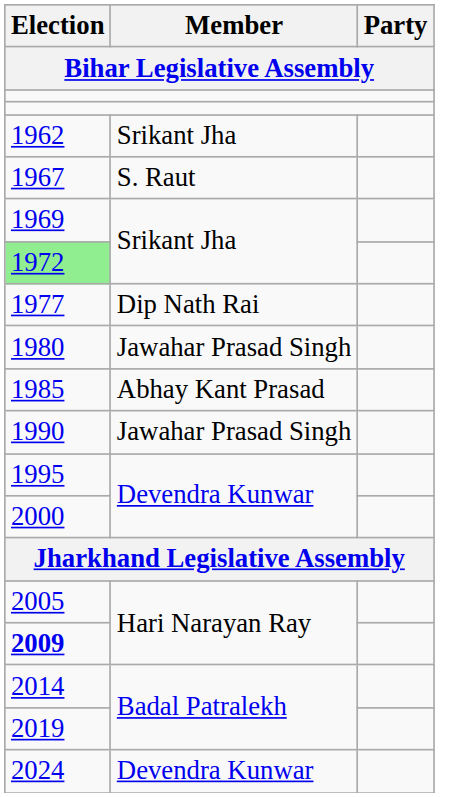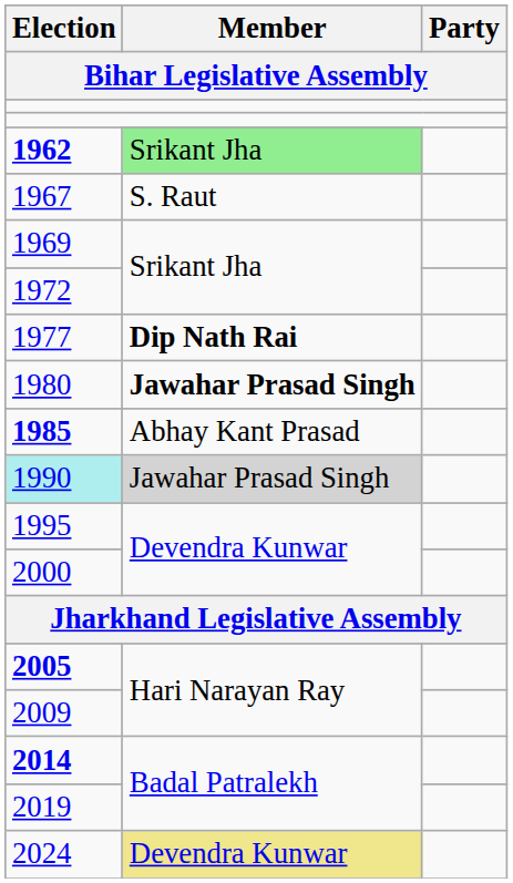 <table class="wikitable sortable">
 <tr>
 <th>Election</th>
 <th>Member</th>
 <th colspan=2>Party</th>
 </tr>
 <tr>
 <th colspan=4><a href='#'>Bihar Legislative Assembly</a></th>
 </tr>
 <tr>
 <td colspan="4"></td>
 </tr>
 <tr>
 <td colspan="4"></td>
 </tr>
 <tr>
-<td><a href='#'>1962</a></td>
-<td>Srikant Jha</td>
+<td><strong><a href='#'>1962</a></strong></td>
+<td style="background: lightgreen;">Srikant Jha</td>
 <td></td>
 </tr>
 <tr>
 <td><a href='#'>1967</a></td>
 <td>S. Raut</td>
 <td></td>
 </tr>
 <tr>
 <td><a href='#'>1969</a></td>
 <td rowspan=2>Srikant Jha</td>
 <td></td>
 </tr>
 <tr>
-<td style="background: lightgreen;"><a href='#'>1972</a></td>
+<td><a href='#'>1972</a></td>
 </tr>
 <tr>
 <td><a href='#'>1977</a></td>
-<td>Dip Nath Rai</td>
+<td><strong>Dip Nath Rai</strong></td>
 <td></td>
 </tr>
 <tr>
 <td><a href='#'>1980</a></td>
-<td>Jawahar Prasad Singh</td>
+<td><strong>Jawahar Prasad Singh</strong></td>
 </tr>
 <tr>
-<td><a href='#'>1985</a></td>
+<td><strong><a href='#'>1985</a></strong></td>
 <td>Abhay Kant Prasad</td>
 <td></td>
 </tr>
 <tr>
-<td><a href='#'>1990</a></td>
-<td>Jawahar Prasad Singh</td>
+<td style="background: paleturquoise;"><a href='#'>1990</a></td>
+<td style="background: lightgrey;">Jawahar Prasad Singh</td>
 <td></td>
 </tr>
 <tr>
 <td><a href='#'>1995</a></td>
 <td rowspan=2><a href='#'>Devendra Kunwar</a></td>
 <td></td>
 </tr>
 <tr>
 <td><a href='#'>2000</a></td>
 <td></td>
 </tr>
 <tr>
 <th colspan=4><a href='#'>Jharkhand Legislative Assembly</a></th>
 </tr>
 <tr>
-<td><a href='#'>2005</a></td>
+<td><strong><a href='#'>2005</a></strong></td>
 <td rowspan=2>Hari Narayan Ray</td>
 <td></td>
 </tr>
 <tr>
-<td><strong><a href='#'>2009</a></strong></td>
+<td><a href='#'>2009</a></td>
 </tr>
 <tr>
-<td><a href='#'>2014</a></td>
+<td><strong><a href='#'>2014</a></strong></td>
 <td rowspan=2><a href='#'>Badal Patralekh</a></td>
 <td></td>
 </tr>
 <tr>
 <td><a href='#'>2019</a></td>
 </tr>
 <tr>
 <td><a href='#'>2024</a></td>
-<td><a href='#'>Devendra Kunwar</a></td>
+<td style="background: khaki;"><a href='#'>Devendra Kunwar</a></td>
 <td></td>
 </tr>
 </table>
